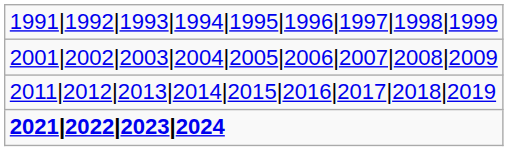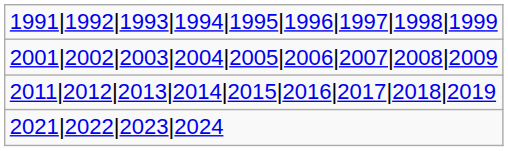 <table class="wikitable">
 <tr>
 <td><a href='#'>1991</a>|<a href='#'>1992</a>|<a href='#'>1993</a>|<a href='#'>1994</a>|<a href='#'>1995</a>|<a href='#'>1996</a>|<a href='#'>1997</a>|<a href='#'>1998</a>|<a href='#'>1999</a></td>
 </tr>
 <tr>
 <td><a href='#'>2001</a>|<a href='#'>2002</a>|<a href='#'>2003</a>|<a href='#'>2004</a>|<a href='#'>2005</a>|<a href='#'>2006</a>|<a href='#'>2007</a>|<a href='#'>2008</a>|<a href='#'>2009</a></td>
 </tr>
 <tr>
 <td><a href='#'>2011</a>|<a href='#'>2012</a>|<a href='#'>2013</a>|<a href='#'>2014</a>|<a href='#'>2015</a>|<a href='#'>2016</a>|<a href='#'>2017</a>|<a href='#'>2018</a>|<a href='#'>2019</a></td>
 </tr>
 <tr>
-<td><strong><a href='#'>2021</a>|<a href='#'>2022</a>|<a href='#'>2023</a>|<a href='#'>2024</a></strong></td>
+<td><a href='#'>2021</a>|<a href='#'>2022</a>|<a href='#'>2023</a>|<a href='#'>2024</a></td>
 </tr>
 </table>
